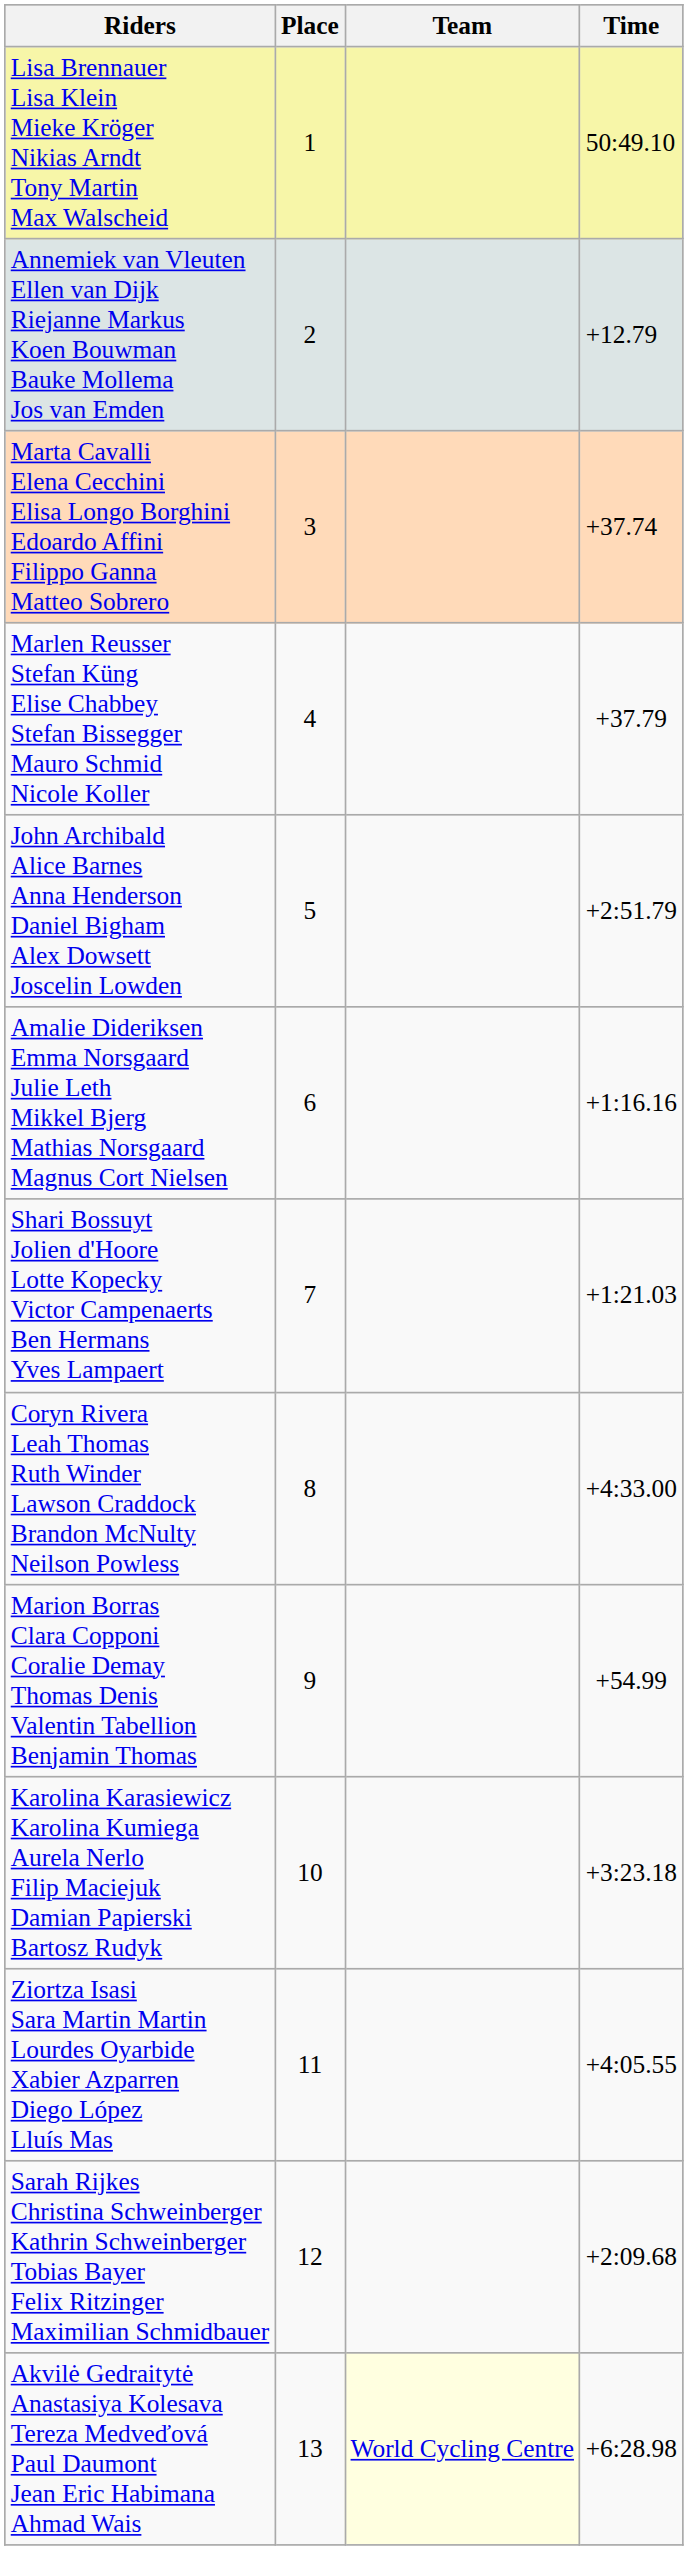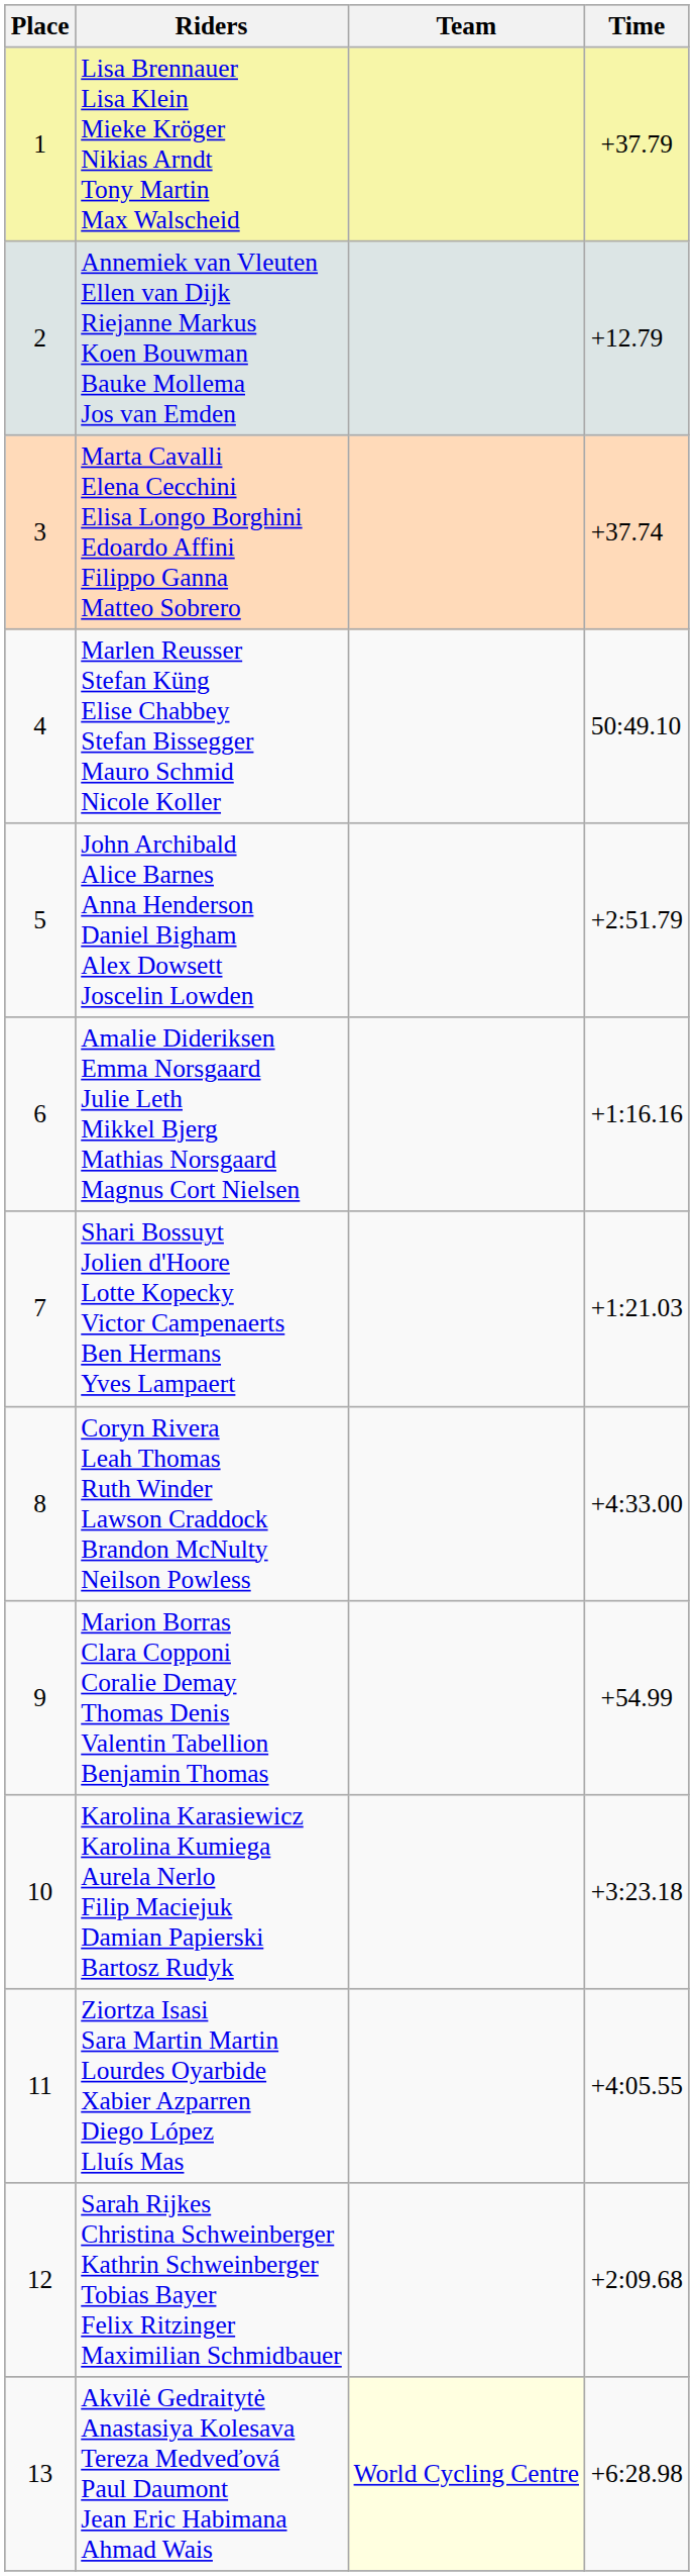 <table class="wikitable" style="font-size:95%;">
 <tr>
+<th>Place</th>
 <th>Riders</th>
-<th>Place</th>
 <th>Team</th>
 <th>Time</th>
 </tr>
 <tr style="background-color:#F7F6A8">
+<td align=center>1</td>
 <td><a href='#'>Lisa Brennauer</a><br><a href='#'>Lisa Klein</a><br><a href='#'>Mieke Kröger</a><br><a href='#'>Nikias Arndt</a><br><a href='#'>Tony Martin</a><br><a href='#'>Max Walscheid</a></td>
-<td align=center>1</td>
 <td></td>
-<td>50:49.10</td>
+<td align=center>+37.79</td>
 </tr>
 <tr style="background-color:#DCE5E5">
+<td align=center>2</td>
 <td><a href='#'>Annemiek van Vleuten</a><br><a href='#'>Ellen van Dijk</a><br><a href='#'>Riejanne Markus</a><br><a href='#'>Koen Bouwman</a><br><a href='#'>Bauke Mollema</a><br><a href='#'>Jos van Emden</a></td>
-<td align=center>2</td>
 <td></td>
 <td>+12.79</td>
 </tr>
 <tr style="background-color:#FFDAB9">
+<td align=center>3</td>
 <td><a href='#'>Marta Cavalli</a><br><a href='#'>Elena Cecchini</a><br><a href='#'>Elisa Longo Borghini</a><br><a href='#'>Edoardo Affini</a><br><a href='#'>Filippo Ganna</a><br><a href='#'>Matteo Sobrero</a></td>
-<td align=center>3</td>
 <td></td>
 <td>+37.74</td>
 </tr>
 <tr>
+<td align=center>4</td>
 <td><a href='#'>Marlen Reusser</a><br><a href='#'>Stefan Küng</a><br><a href='#'>Elise Chabbey</a><br><a href='#'>Stefan Bissegger</a><br><a href='#'>Mauro Schmid</a><br><a href='#'>Nicole Koller</a></td>
-<td align=center>4</td>
 <td></td>
-<td align=center>+37.79</td>
+<td>50:49.10</td>
 </tr>
 <tr>
+<td align=center>5</td>
 <td><a href='#'>John Archibald</a><br><a href='#'>Alice Barnes</a><br><a href='#'>Anna Henderson</a><br><a href='#'>Daniel Bigham</a><br><a href='#'>Alex Dowsett</a><br><a href='#'>Joscelin Lowden</a></td>
-<td align=center>5</td>
 <td></td>
 <td align=center>+2:51.79</td>
 </tr>
 <tr>
+<td align=center>6</td>
 <td><a href='#'>Amalie Dideriksen</a><br><a href='#'>Emma Norsgaard</a><br><a href='#'>Julie Leth</a><br><a href='#'>Mikkel Bjerg</a><br><a href='#'>Mathias Norsgaard</a><br><a href='#'>Magnus Cort Nielsen</a></td>
-<td align=center>6</td>
 <td></td>
 <td align=center>+1:16.16</td>
 </tr>
 <tr>
+<td align=center>7</td>
 <td><a href='#'>Shari Bossuyt</a><br><a href='#'>Jolien d'Hoore</a><br><a href='#'>Lotte Kopecky</a><br><a href='#'>Victor Campenaerts</a><br><a href='#'>Ben Hermans</a><br><a href='#'>Yves Lampaert</a></td>
-<td align=center>7</td>
 <td></td>
 <td align=center>+1:21.03</td>
 </tr>
 <tr>
+<td align=center>8</td>
 <td><a href='#'>Coryn Rivera</a><br><a href='#'>Leah Thomas</a><br><a href='#'>Ruth Winder</a><br><a href='#'>Lawson Craddock</a><br><a href='#'>Brandon McNulty</a><br><a href='#'>Neilson Powless</a></td>
-<td align=center>8</td>
 <td></td>
 <td align=center>+4:33.00</td>
 </tr>
 <tr>
+<td align=center>9</td>
 <td><a href='#'>Marion Borras</a><br><a href='#'>Clara Copponi</a><br><a href='#'>Coralie Demay</a><br><a href='#'>Thomas Denis</a><br><a href='#'>Valentin Tabellion</a><br><a href='#'>Benjamin Thomas</a></td>
-<td align=center>9</td>
 <td></td>
 <td align=center>+54.99</td>
 </tr>
 <tr>
+<td align=center>10</td>
 <td><a href='#'>Karolina Karasiewicz</a><br><a href='#'>Karolina Kumiega</a><br><a href='#'>Aurela Nerlo</a><br><a href='#'>Filip Maciejuk</a><br><a href='#'>Damian Papierski</a><br><a href='#'>Bartosz Rudyk</a></td>
-<td align=center>10</td>
 <td></td>
 <td align=center>+3:23.18</td>
 </tr>
 <tr>
+<td align=center>11</td>
 <td><a href='#'>Ziortza Isasi</a><br><a href='#'>Sara Martin Martin</a><br><a href='#'>Lourdes Oyarbide</a><br><a href='#'>Xabier Azparren</a><br><a href='#'>Diego López</a><br><a href='#'>Lluís Mas</a></td>
-<td align=center>11</td>
 <td></td>
 <td align=center>+4:05.55</td>
 </tr>
 <tr>
+<td align=center>12</td>
 <td><a href='#'>Sarah Rijkes</a><br><a href='#'>Christina Schweinberger</a><br><a href='#'>Kathrin Schweinberger</a><br><a href='#'>Tobias Bayer</a><br><a href='#'>Felix Ritzinger</a><br><a href='#'>Maximilian Schmidbauer</a></td>
-<td align=center>12</td>
 <td></td>
 <td align=center>+2:09.68</td>
 </tr>
 <tr>
+<td align=center>13</td>
 <td> <a href='#'>Akvilė Gedraitytė</a><br> <a href='#'>Anastasiya Kolesava</a><br> <a href='#'>Tereza Medveďová</a><br> <a href='#'>Paul Daumont</a><br> <a href='#'>Jean Eric Habimana</a><br> <a href='#'>Ahmad Wais</a></td>
-<td align=center>13</td>
 <td style="background: lightyellow;"><a href='#'>World Cycling Centre</a></td>
 <td align=center>+6:28.98</td>
 </tr>
 </table>
